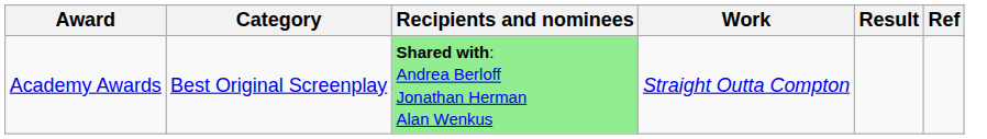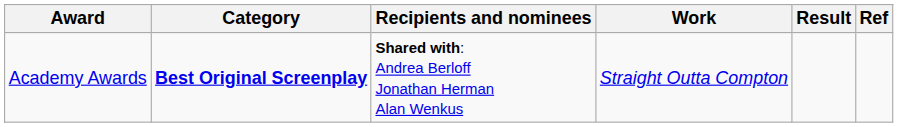 <table class="wikitable sortable">
 <tr>
 <th>Award</th>
 <th>Category</th>
 <th>Recipients and nominees</th>
 <th>Work</th>
 <th>Result</th>
 <th>Ref</th>
 </tr>
 <tr>
 <td><a href='#'>Academy Awards</a></td>
-<td><a href='#'>Best Original Screenplay</a></td>
-<td style="background: lightgreen;"><small><strong>Shared with</strong>: <br><a href='#'>Andrea Berloff</a><br><a href='#'>Jonathan Herman</a><br><a href='#'>Alan Wenkus</a></small></td>
+<td><strong><a href='#'>Best Original Screenplay</a></strong></td>
+<td><small><strong>Shared with</strong>: <br><a href='#'>Andrea Berloff</a><br><a href='#'>Jonathan Herman</a><br><a href='#'>Alan Wenkus</a></small></td>
 <td rowspan="5"><em><a href='#'>Straight Outta Compton</a></em></td>
 <td></td>
 <td></td>
 </tr>
 </table>
